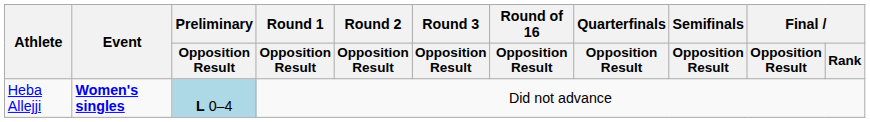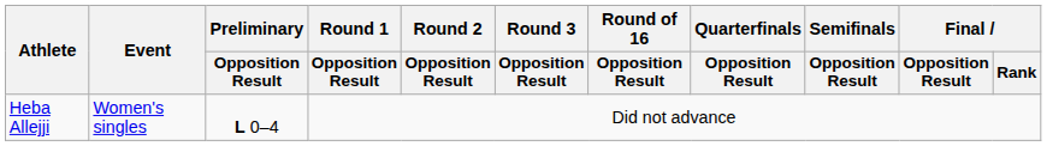 <table class="wikitable" style="font-size:90%;">
 <tr>
 <th rowspan=2>Athlete</th>
 <th rowspan=2>Event</th>
 <th>Preliminary</th>
 <th>Round 1</th>
 <th>Round 2</th>
 <th>Round 3</th>
 <th>Round of 16</th>
 <th>Quarterfinals</th>
 <th>Semifinals</th>
 <th colspan=2>Final / </th>
 </tr>
 <tr style="font-size:95%">
 <th>Opposition<br>Result</th>
 <th>Opposition<br>Result</th>
 <th>Opposition<br>Result</th>
 <th>Opposition<br>Result</th>
 <th>Opposition<br>Result</th>
 <th>Opposition<br>Result</th>
 <th>Opposition<br>Result</th>
 <th>Opposition<br>Result</th>
 <th>Rank</th>
 </tr>
 <tr align=center>
 <td align=left><a href='#'>Heba Allejji</a></td>
-<td align=left><strong><a href='#'>Women's singles</a></strong></td>
-<td style="background: lightblue;"><br><strong>L</strong> 0–4</td>
+<td align=left><a href='#'>Women's singles</a></td>
+<td><br><strong>L</strong> 0–4</td>
 <td colspan=8>Did not advance</td>
 </tr>
 </table>
